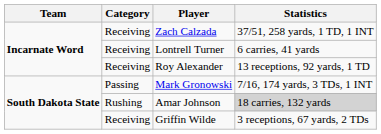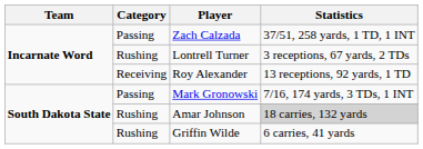 <table class="wikitable" style="float: right;">
 <tr>
 <th>Team</th>
 <th>Category</th>
 <th>Player</th>
 <th>Statistics</th>
 </tr>
 <tr>
 <td rowspan=3><strong>Incarnate Word</strong></td>
-<td>Receiving</td>
+<td>Passing</td>
 <td><a href='#'>Zach Calzada</a></td>
 <td>37/51, 258 yards, 1 TD, 1 INT</td>
 </tr>
 <tr>
-<td>Receiving</td>
+<td>Rushing</td>
 <td>Lontrell Turner</td>
-<td>6 carries, 41 yards</td>
+<td>3 receptions, 67 yards, 2 TDs</td>
 </tr>
 <tr>
 <td>Receiving</td>
 <td>Roy Alexander</td>
 <td>13 receptions, 92 yards, 1 TD</td>
 </tr>
 <tr>
 <td rowspan=3><strong>South Dakota State</strong></td>
 <td>Passing</td>
 <td><a href='#'>Mark Gronowski</a></td>
 <td>7/16, 174 yards, 3 TDs, 1 INT</td>
 </tr>
 <tr>
 <td>Rushing</td>
 <td>Amar Johnson</td>
 <td style="background: lightgrey;">18 carries, 132 yards</td>
 </tr>
 <tr>
-<td>Receiving</td>
+<td>Rushing</td>
 <td>Griffin Wilde</td>
-<td>3 receptions, 67 yards, 2 TDs</td>
+<td>6 carries, 41 yards</td>
 </tr>
 </table>
